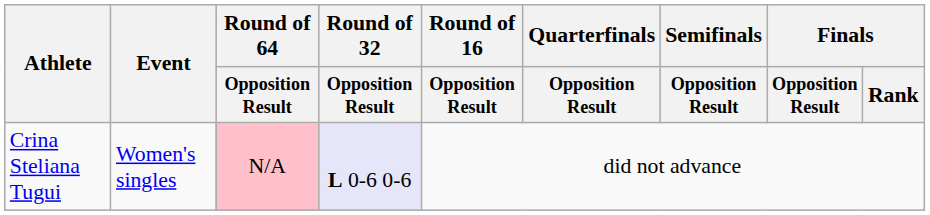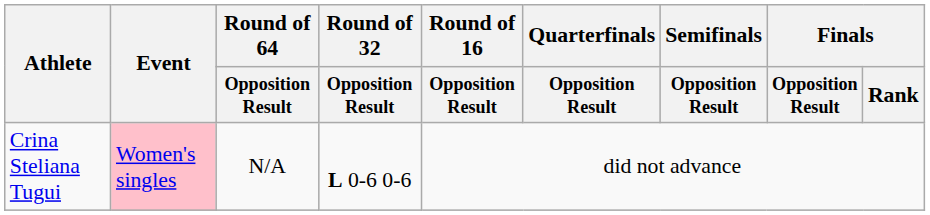 <table class=wikitable style="font-size:90%">
 <tr>
 <th rowspan="2">Athlete</th>
 <th rowspan="2">Event</th>
 <th>Round of 64</th>
 <th>Round of 32</th>
 <th>Round of 16</th>
 <th>Quarterfinals</th>
 <th>Semifinals</th>
 <th colspan="2">Finals</th>
 </tr>
 <tr>
 <th style="line-height:1em"><small>Opposition<br>Result</small></th>
 <th style="line-height:1em"><small>Opposition<br>Result</small></th>
 <th style="line-height:1em"><small>Opposition<br>Result</small></th>
 <th style="line-height:1em"><small>Opposition<br>Result</small></th>
 <th style="line-height:1em"><small>Opposition<br>Result</small></th>
 <th style="line-height:1em"><small>Opposition<br>Result</small></th>
 <th>Rank</th>
 </tr>
 <tr>
 <td><a href='#'>Crina Steliana Tugui</a></td>
-<td><a href='#'>Women's singles</a></td>
-<td align="center" style="background: pink;">N/A</td>
-<td align="center" style="background: lavender;"><br><strong>L</strong> 0-6 0-6</td>
+<td style="background: pink;"><a href='#'>Women's singles</a></td>
+<td align="center">N/A</td>
+<td align="center"><br><strong>L</strong> 0-6 0-6</td>
 <td align="center" colspan="6">did not advance</td>
 </tr>
 </table>
